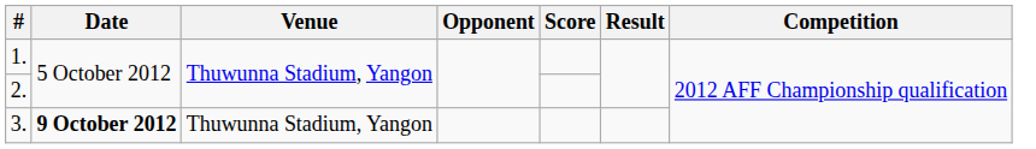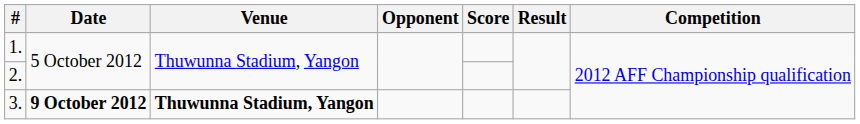 <table class="wikitable">
 <tr>
 <th>#</th>
 <th>Date</th>
 <th>Venue</th>
 <th>Opponent</th>
 <th>Score</th>
 <th>Result</th>
 <th>Competition</th>
 </tr>
 <tr>
 <td>1.</td>
 <td rowspan=2>5 October 2012</td>
 <td rowspan=2><a href='#'>Thuwunna Stadium</a>, <a href='#'>Yangon</a></td>
 <td rowspan=2></td>
 <td></td>
 <td rowspan=2></td>
 <td rowspan=3><a href='#'>2012 AFF Championship qualification</a></td>
 </tr>
 <tr>
 <td>2.</td>
 <td></td>
 </tr>
 <tr>
 <td>3.</td>
 <td><strong>9 October 2012</strong></td>
-<td>Thuwunna Stadium, Yangon</td>
+<td><strong>Thuwunna Stadium, Yangon</strong></td>
 <td></td>
 <td></td>
 <td></td>
 </tr>
 </table>
